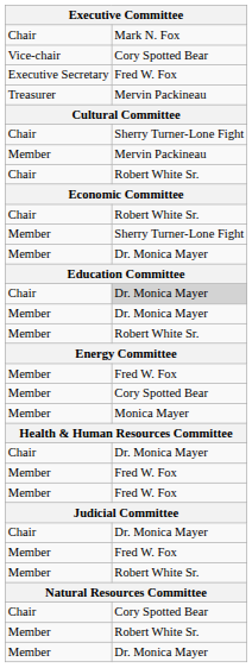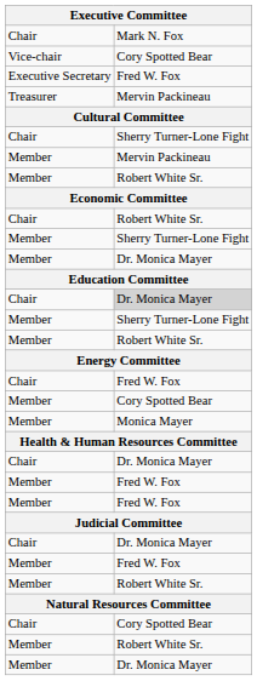 <table class="wikitable">
 <tr>
 <th colspan="2">Executive Committee</th>
 </tr>
 <tr>
 <td>Chair</td>
 <td>Mark N. Fox</td>
 </tr>
 <tr>
 <td>Vice-chair</td>
 <td>Cory Spotted Bear</td>
 </tr>
 <tr>
 <td>Executive Secretary</td>
 <td>Fred W. Fox</td>
 </tr>
 <tr>
 <td>Treasurer</td>
 <td>Mervin Packineau</td>
 </tr>
 <tr>
 <th colspan="2">Cultural Committee</th>
 </tr>
 <tr>
 <td>Chair</td>
 <td>Sherry Turner-Lone Fight</td>
 </tr>
 <tr>
 <td>Member</td>
 <td>Mervin Packineau</td>
 </tr>
 <tr>
-<td>Chair</td>
+<td>Member</td>
 <td>Robert White Sr.</td>
 </tr>
 <tr>
 <th colspan="2">Economic Committee</th>
 </tr>
 <tr>
 <td>Chair</td>
 <td>Robert White Sr.</td>
 </tr>
 <tr>
 <td>Member</td>
 <td>Sherry Turner-Lone Fight</td>
 </tr>
 <tr>
 <td>Member</td>
 <td>Dr. Monica Mayer</td>
 </tr>
 <tr>
 <th colspan="2">Education Committee</th>
 </tr>
 <tr>
 <td>Chair</td>
 <td style="background: lightgrey;">Dr. Monica Mayer</td>
 </tr>
 <tr>
 <td>Member</td>
-<td>Dr. Monica Mayer</td>
+<td>Sherry Turner-Lone Fight</td>
 </tr>
 <tr>
 <td>Member</td>
 <td>Robert White Sr.</td>
 </tr>
 <tr>
 <th colspan="2">Energy Committee</th>
 </tr>
 <tr>
-<td>Member</td>
+<td>Chair</td>
 <td>Fred W. Fox</td>
 </tr>
 <tr>
 <td>Member</td>
 <td>Cory Spotted Bear</td>
 </tr>
 <tr>
 <td>Member</td>
 <td>Monica Mayer</td>
 </tr>
 <tr>
 <th colspan="2">Health & Human Resources Committee</th>
 </tr>
 <tr>
 <td>Chair</td>
 <td>Dr. Monica Mayer</td>
 </tr>
 <tr>
 <td>Member</td>
 <td>Fred W. Fox</td>
 </tr>
 <tr>
 <td>Member</td>
 <td>Fred W. Fox</td>
 </tr>
 <tr>
 <th colspan="2">Judicial Committee</th>
 </tr>
 <tr>
 <td>Chair</td>
 <td>Dr. Monica Mayer</td>
 </tr>
 <tr>
 <td>Member</td>
 <td>Fred W. Fox</td>
 </tr>
 <tr>
 <td>Member</td>
 <td>Robert White Sr.</td>
 </tr>
 <tr>
 <th colspan="2">Natural Resources Committee</th>
 </tr>
 <tr>
 <td>Chair</td>
 <td>Cory Spotted Bear</td>
 </tr>
 <tr>
 <td>Member</td>
 <td>Robert White Sr.</td>
 </tr>
 <tr>
 <td>Member</td>
 <td>Dr. Monica Mayer</td>
 </tr>
 </table>
